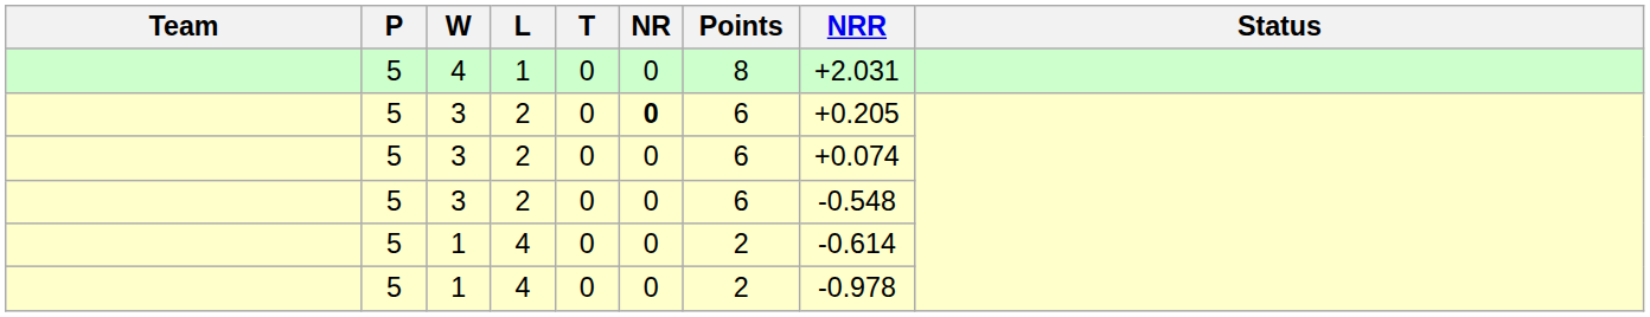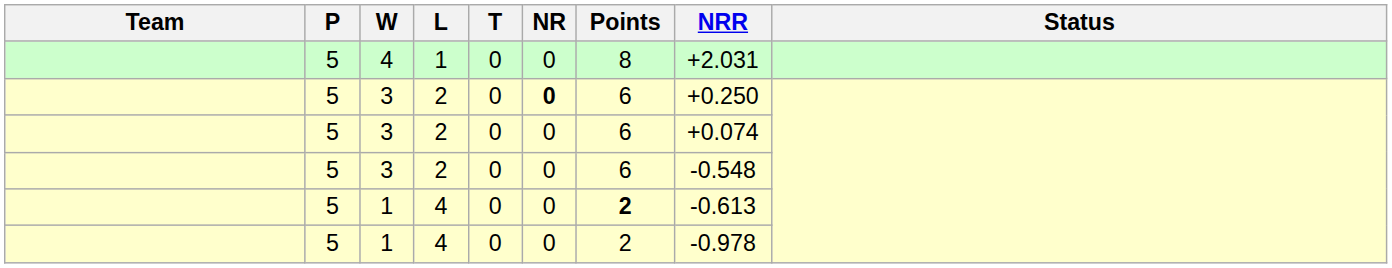 <table class="wikitable" style="text-align:center;">
 <tr>
 <th width=200>Team</th>
 <th width=30 abbr="Played">P</th>
 <th width=30 abbr="Won">W</th>
 <th width=30 abbr="Lost">L</th>
 <th width=30 abbr="Tied">T</th>
 <th width=30 abbr="No result">NR</th>
 <th width=60>Points</th>
 <th width=60 abbr="Net run rate"><a href='#'>NRR</a></th>
 <th width=417>Status</th>
 </tr>
 <tr style="background: #cfc;">
 <td align="left"></td>
 <td>5</td>
 <td>4</td>
 <td>1</td>
 <td>0</td>
 <td>0</td>
 <td>8</td>
 <td>+2.031</td>
 <td rowspan=1></td>
 </tr>
 <tr style="background: #ffc;">
 <td align="left"></td>
 <td>5</td>
 <td>3</td>
 <td>2</td>
 <td>0</td>
 <td><strong>0</strong></td>
 <td>6</td>
-<td>+0.205</td>
+<td>+0.250</td>
 <td rowspan=5></td>
 </tr>
 <tr style="background: #ffc;">
 <td align="left"></td>
 <td>5</td>
 <td>3</td>
 <td>2</td>
 <td>0</td>
 <td>0</td>
 <td>6</td>
 <td>+0.074</td>
 </tr>
 <tr style="background: #ffc;">
 <td align="left"></td>
 <td>5</td>
 <td>3</td>
 <td>2</td>
 <td>0</td>
 <td>0</td>
 <td>6</td>
 <td>-0.548</td>
 </tr>
 <tr style="background: #ffc;">
 <td align="left"></td>
 <td>5</td>
 <td>1</td>
 <td>4</td>
 <td>0</td>
 <td>0</td>
-<td>2</td>
-<td>-0.614</td>
+<td><strong>2</strong></td>
+<td>-0.613</td>
 </tr>
 <tr style="background: #ffc;">
 <td align="left"></td>
 <td>5</td>
 <td>1</td>
 <td>4</td>
 <td>0</td>
 <td>0</td>
 <td>2</td>
 <td>-0.978</td>
 </tr>
 </table>
